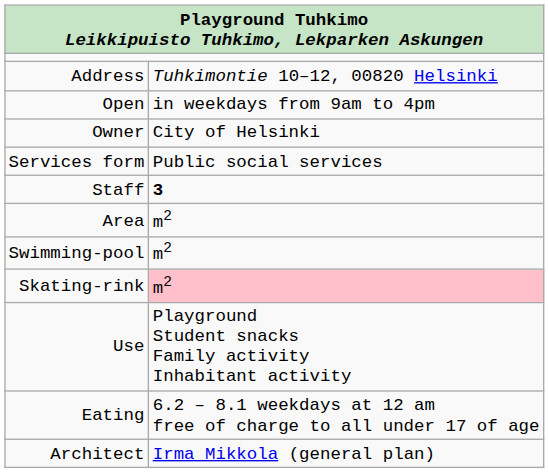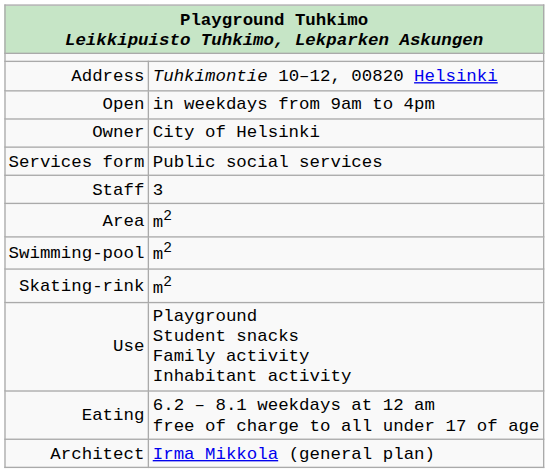 <table class="wikitable" align=="right" style="float: right; margin-left: 20px">
 <tr>
 <th colspan="5" align=center style="background-color: #C6E5C6;"><strong>Playground Tuhkimo</strong><br><em>Leikkipuisto Tuhkimo, Lekparken Askungen</em></th>
 </tr>
 <tr ---->
 <td colspan=2 align=left></td>
 </tr>
 <tr ---->
 <td align=right>Address</td>
 <td align="left"><em>Tuhkimontie</em> 10–12, 00820 <a href='#'>Helsinki</a></td>
 </tr>
 <tr ---->
 <td align=right>Open</td>
 <td align="left">in weekdays from 9am to 4pm</td>
 </tr>
 <tr ---->
 <td align=right>Owner</td>
 <td align="left"> City of Helsinki</td>
 </tr>
 <tr ---->
 <td align=right>Services form</td>
 <td align="left">Public social services</td>
 </tr>
 <tr ---->
 <td align=right>Staff</td>
-<td align="left"><strong>3 </strong></td>
+<td align="left">3 </td>
 </tr>
 <tr ---->
 <td align=right>Area</td>
 <td align="left"> m<sup>2</sup></td>
 </tr>
 <tr ----800 m>
 <td align=right>Swimming-pool</td>
 <td align="left"> m<sup>2</sup> </td>
 </tr>
 <tr ---->
 <td align=right>Skating-rink</td>
-<td align="left" style="background: pink;"> m<sup>2</sup> </td>
+<td align="left"> m<sup>2</sup> </td>
 </tr>
 <tr ---->
 <td align=right>Use</td>
 <td align="left">Playground<br>Student snacks<br>Family activity<br>Inhabitant activity</td>
 </tr>
 <tr ---->
 <td align=right>Eating</td>
 <td align="left">6.2 – 8.1 weekdays at 12 am<br>free of charge to all under 17 of age</td>
 </tr>
 <tr ---->
 <td align=right>Architect</td>
 <td align="left"><a href='#'>Irma Mikkola</a> (general plan)</td>
 </tr>
 </table>
